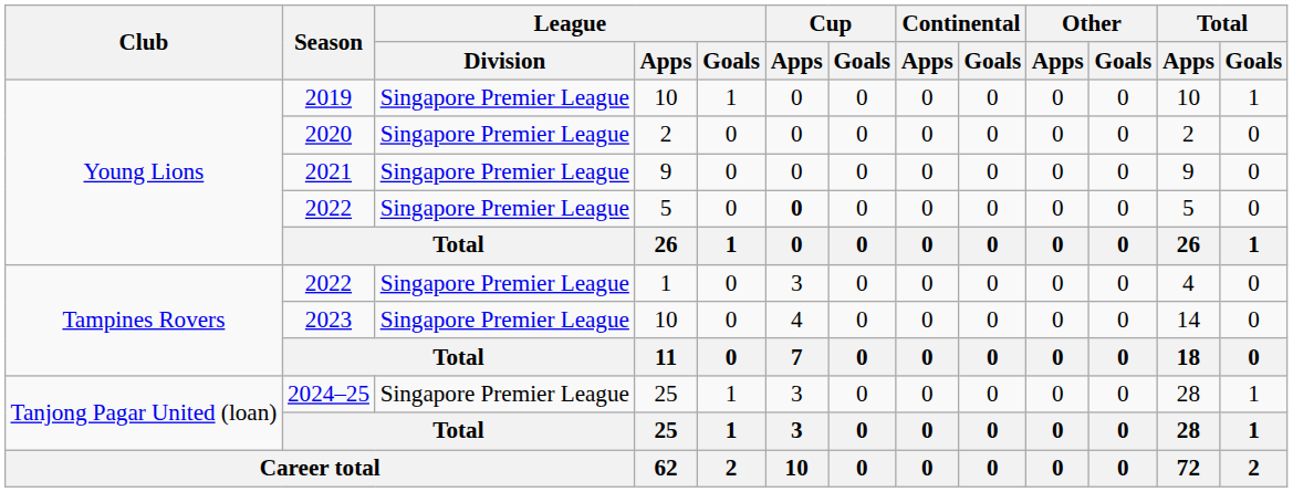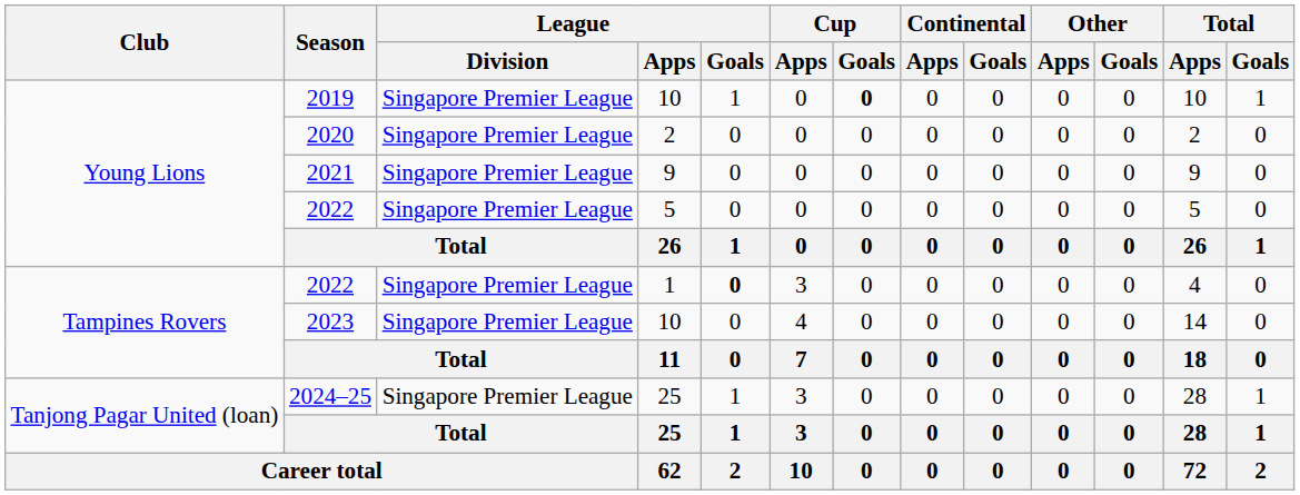 <table class="wikitable" style="text-align: center">
 <tr>
 <th rowspan="2">Club</th>
 <th rowspan="2">Season</th>
 <th colspan="3">League</th>
 <th colspan="2">Cup</th>
 <th colspan="2">Continental</th>
 <th colspan="2">Other</th>
 <th colspan="2">Total</th>
 </tr>
 <tr>
 <th>Division</th>
 <th>Apps</th>
 <th>Goals</th>
 <th>Apps</th>
 <th>Goals</th>
 <th>Apps</th>
 <th>Goals</th>
 <th>Apps</th>
 <th>Goals</th>
 <th>Apps</th>
 <th>Goals</th>
 </tr>
 <tr>
 <td rowspan="5"><a href='#'>Young Lions</a></td>
 <td><a href='#'>2019</a></td>
 <td><a href='#'>Singapore Premier League</a></td>
 <td>10</td>
 <td>1</td>
 <td>0</td>
-<td>0</td>
+<td><strong>0</strong></td>
 <td>0</td>
 <td>0</td>
 <td>0</td>
 <td>0</td>
 <td>10</td>
 <td>1</td>
 </tr>
 <tr>
 <td><a href='#'>2020</a></td>
 <td><a href='#'>Singapore Premier League</a></td>
 <td>2</td>
 <td>0</td>
 <td>0</td>
 <td>0</td>
 <td>0</td>
 <td>0</td>
 <td>0</td>
 <td>0</td>
 <td>2</td>
 <td>0</td>
 </tr>
 <tr>
 <td><a href='#'>2021</a></td>
 <td><a href='#'>Singapore Premier League</a></td>
 <td>9</td>
 <td>0</td>
 <td>0</td>
 <td>0</td>
 <td>0</td>
 <td>0</td>
 <td>0</td>
 <td>0</td>
 <td>9</td>
 <td>0</td>
 </tr>
 <tr>
 <td><a href='#'>2022</a></td>
 <td><a href='#'>Singapore Premier League</a></td>
 <td>5</td>
 <td>0</td>
-<td><strong>0</strong></td>
+<td>0</td>
 <td>0</td>
 <td>0</td>
 <td>0</td>
 <td>0</td>
 <td>0</td>
 <td>5</td>
 <td>0</td>
 </tr>
 <tr>
 <th colspan=2>Total</th>
 <th>26</th>
 <th>1</th>
 <th>0</th>
 <th>0</th>
 <th>0</th>
 <th>0</th>
 <th>0</th>
 <th>0</th>
 <th>26</th>
 <th>1</th>
 </tr>
 <tr>
 <td rowspan="3"><a href='#'>Tampines Rovers</a></td>
 <td><a href='#'>2022</a></td>
 <td><a href='#'>Singapore Premier League</a></td>
 <td>1</td>
-<td>0</td>
+<td><strong>0</strong></td>
 <td>3</td>
 <td>0</td>
 <td>0</td>
 <td>0</td>
 <td>0</td>
 <td>0</td>
 <td>4</td>
 <td>0</td>
 </tr>
 <tr>
 <td><a href='#'>2023</a></td>
 <td><a href='#'>Singapore Premier League</a></td>
 <td>10</td>
 <td>0</td>
 <td>4</td>
 <td>0</td>
 <td>0</td>
 <td>0</td>
 <td>0</td>
 <td>0</td>
 <td>14</td>
 <td>0</td>
 </tr>
 <tr>
 <th colspan=2>Total</th>
 <th>11</th>
 <th>0</th>
 <th>7</th>
 <th>0</th>
 <th>0</th>
 <th>0</th>
 <th>0</th>
 <th>0</th>
 <th>18</th>
 <th>0</th>
 </tr>
 <tr>
 <td rowspan="2"><a href='#'>Tanjong Pagar United</a> (loan)</td>
 <td><a href='#'>2024–25</a></td>
 <td>Singapore Premier League</td>
 <td>25</td>
 <td>1</td>
 <td>3</td>
 <td>0</td>
 <td>0</td>
 <td>0</td>
 <td>0</td>
 <td>0</td>
 <td>28</td>
 <td>1</td>
 </tr>
 <tr>
 <th colspan=2>Total</th>
 <th>25</th>
 <th>1</th>
 <th>3</th>
 <th>0</th>
 <th>0</th>
 <th>0</th>
 <th>0</th>
 <th>0</th>
 <th>28</th>
 <th>1</th>
 </tr>
 <tr>
 <th colspan=3>Career total</th>
 <th>62</th>
 <th>2</th>
 <th>10</th>
 <th>0</th>
 <th>0</th>
 <th>0</th>
 <th>0</th>
 <th>0</th>
 <th>72</th>
 <th>2</th>
 </tr>
 </table>
